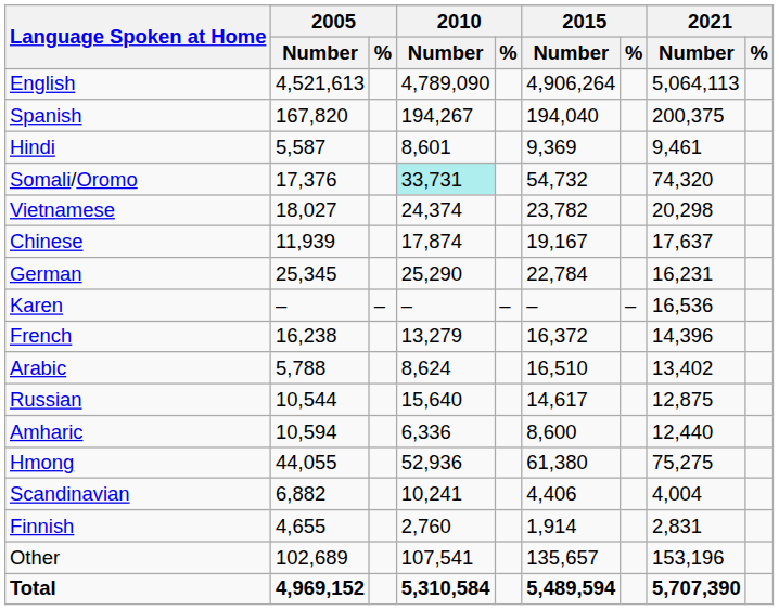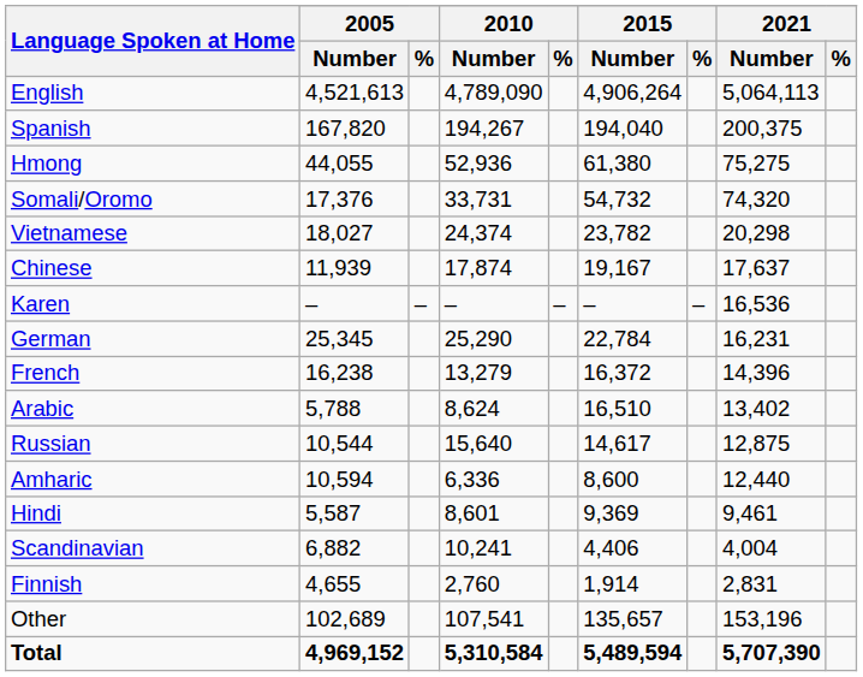 <table class="wikitable sortable collapsible left" style="font-size: 90%;">
 <tr>
 <th rowspan="3"><a href='#'>Language Spoken at Home</a></th>
 </tr>
 <tr>
 <th colspan="2">2005</th>
 <th colspan="2">2010</th>
 <th colspan="2">2015</th>
 <th colspan="2">2021</th>
 </tr>
 <tr>
 <th>Number</th>
 <th>%</th>
 <th>Number</th>
 <th>%</th>
 <th>Number</th>
 <th>%</th>
 <th>Number</th>
 <th>%</th>
 </tr>
 <tr>
 <td><a href='#'>English</a></td>
 <td>4,521,613</td>
 <td></td>
 <td>4,789,090</td>
 <td></td>
 <td>4,906,264</td>
 <td></td>
 <td>5,064,113</td>
 <td></td>
 </tr>
 <tr>
 <td><a href='#'>Spanish</a></td>
 <td>167,820</td>
 <td></td>
 <td>194,267</td>
 <td></td>
 <td>194,040</td>
 <td></td>
 <td>200,375</td>
 <td></td>
 </tr>
 <tr>
-<td><a href='#'>Hindi</a></td>
-<td>5,587</td>
+<td><a href='#'>Hmong</a></td>
+<td>44,055</td>
 <td></td>
-<td>8,601</td>
+<td>52,936</td>
 <td></td>
-<td>9,369</td>
+<td>61,380</td>
 <td></td>
-<td>9,461</td>
+<td>75,275</td>
 <td></td>
 </tr>
 <tr>
 <td><a href='#'>Somali</a>/<a href='#'>Oromo</a></td>
 <td>17,376</td>
 <td></td>
-<td style="background: paleturquoise;">33,731</td>
+<td>33,731</td>
 <td></td>
 <td>54,732</td>
 <td></td>
 <td>74,320</td>
 <td></td>
 </tr>
 <tr>
 <td><a href='#'>Vietnamese</a></td>
 <td>18,027</td>
 <td></td>
 <td>24,374</td>
 <td></td>
 <td>23,782</td>
 <td></td>
 <td>20,298</td>
 <td></td>
 </tr>
 <tr>
 <td><a href='#'>Chinese</a></td>
 <td>11,939</td>
 <td></td>
 <td>17,874</td>
 <td></td>
 <td>19,167</td>
 <td></td>
 <td>17,637</td>
 <td></td>
 </tr>
 <tr>
+<td><a href='#'>Karen</a></td>
+<td>–</td>
+<td>–</td>
+<td>–</td>
+<td>–</td>
+<td>–</td>
+<td>–</td>
+<td>16,536</td>
+<td></td>
+</tr>
+<tr>
 <td><a href='#'>German</a></td>
 <td>25,345</td>
 <td></td>
 <td>25,290</td>
 <td></td>
 <td>22,784</td>
 <td></td>
 <td>16,231</td>
-<td></td>
-</tr>
-<tr>
-<td><a href='#'>Karen</a></td>
-<td>–</td>
-<td>–</td>
-<td>–</td>
-<td>–</td>
-<td>–</td>
-<td>–</td>
-<td>16,536</td>
 <td></td>
 </tr>
 <tr>
 <td><a href='#'>French</a></td>
 <td>16,238</td>
 <td></td>
 <td>13,279</td>
 <td></td>
 <td>16,372</td>
 <td></td>
 <td>14,396</td>
 <td></td>
 </tr>
 <tr>
 <td><a href='#'>Arabic</a></td>
 <td>5,788</td>
 <td></td>
 <td>8,624</td>
 <td></td>
 <td>16,510</td>
 <td></td>
 <td>13,402</td>
 <td></td>
 </tr>
 <tr>
 <td><a href='#'>Russian</a></td>
 <td>10,544</td>
 <td></td>
 <td>15,640</td>
 <td></td>
 <td>14,617</td>
 <td></td>
 <td>12,875</td>
 <td></td>
 </tr>
 <tr>
 <td><a href='#'>Amharic</a></td>
 <td>10,594</td>
 <td></td>
 <td>6,336</td>
 <td></td>
 <td>8,600</td>
 <td></td>
 <td>12,440</td>
 <td></td>
 </tr>
 <tr>
-<td><a href='#'>Hmong</a></td>
-<td>44,055</td>
+<td><a href='#'>Hindi</a></td>
+<td>5,587</td>
 <td></td>
-<td>52,936</td>
+<td>8,601</td>
 <td></td>
-<td>61,380</td>
+<td>9,369</td>
 <td></td>
-<td>75,275</td>
+<td>9,461</td>
 <td></td>
 </tr>
 <tr>
 <td><a href='#'>Scandinavian</a></td>
 <td>6,882</td>
 <td></td>
 <td>10,241</td>
 <td></td>
 <td>4,406</td>
 <td></td>
 <td>4,004</td>
 <td></td>
 </tr>
 <tr>
 <td><a href='#'>Finnish</a></td>
 <td>4,655</td>
 <td></td>
 <td>2,760</td>
 <td></td>
 <td>1,914</td>
 <td></td>
 <td>2,831</td>
 <td></td>
 </tr>
 <tr>
 <td>Other</td>
 <td>102,689</td>
 <td></td>
 <td>107,541</td>
 <td></td>
 <td>135,657</td>
 <td></td>
 <td>153,196</td>
 <td></td>
 </tr>
 <tr>
 <td><strong>Total</strong></td>
 <td><strong>4,969,152</strong></td>
 <td><strong></strong></td>
 <td><strong>5,310,584</strong></td>
 <td><strong></strong></td>
 <td><strong>5,489,594</strong></td>
 <td><strong></strong></td>
 <td><strong>5,707,390</strong></td>
 <td><strong></strong></td>
 </tr>
 </table>
